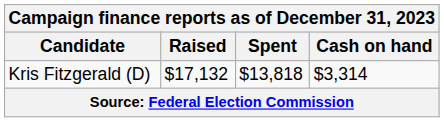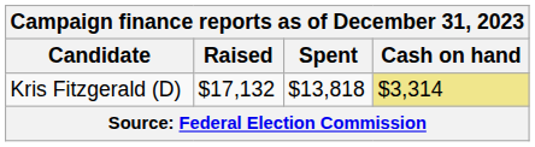 <table class="wikitable sortable">
 <tr>
 <th colspan=4>Campaign finance reports as of December 31, 2023</th>
 </tr>
 <tr style="text-align:center;">
 <th>Candidate</th>
 <th>Raised</th>
 <th>Spent</th>
 <th>Cash on hand</th>
 </tr>
 <tr>
 <td>Kris Fitzgerald (D)</td>
 <td>$17,132</td>
 <td>$13,818</td>
-<td>$3,314</td>
+<td style="background: khaki;">$3,314</td>
 </tr>
 <tr>
 <th colspan="4"><small>Source: <a href='#'>Federal Election Commission</a></small></th>
 </tr>
 </table>
